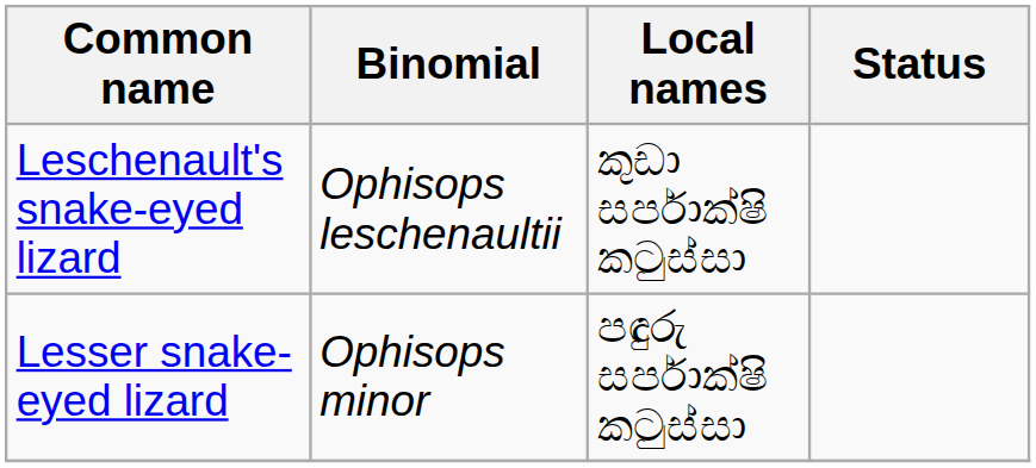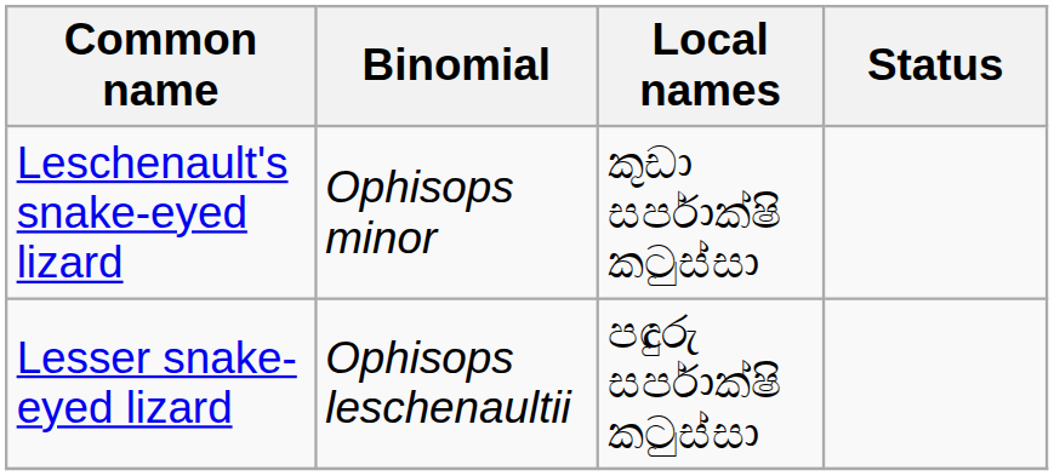 <table width=60% class="wikitable">
 <tr>
 <th width=20%>Common name</th>
 <th width=20%>Binomial</th>
 <th width=20%>Local names</th>
 <th width=20%>Status</th>
 </tr>
 <tr>
 <td><a href='#'>Leschenault's snake-eyed lizard</a><br></td>
-<td><em>Ophisops leschenaultii</em></td>
+<td><em>Ophisops minor</em></td>
 <td>කුඩා සර්පාක්ෂි කටුස්සා</td>
 <td></td>
 </tr>
 <tr>
 <td><a href='#'>Lesser snake-eyed lizard</a></td>
-<td><em>Ophisops minor</em></td>
+<td><em>Ophisops leschenaultii</em></td>
 <td>පඳුරු සර්පාක්ෂි කටුස්සා</td>
 <td></td>
 </tr>
 <tr>
 </tr>
 </table>
